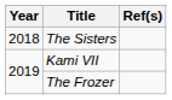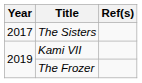 <table class="wikitable" style="text-align:left; ">
 <tr style="vertical-align:top;">
 <th>Year</th>
 <th>Title</th>
 <th>Ref(s)</th>
 </tr>
 <tr style="vertical-align:top;">
-<td>2018</td>
+<td>2017</td>
 <td><em>The Sisters</em></td>
 <td></td>
 </tr>
 <tr>
 <td rowspan="2">2019</td>
 <td><em>Kami VII</em></td>
 <td></td>
 </tr>
 <tr>
 <td><em>The Frozer</em></td>
 <td></td>
 </tr>
 </table>
